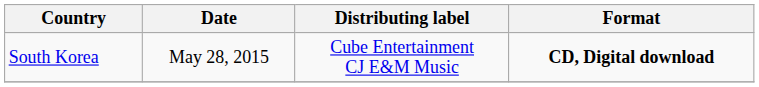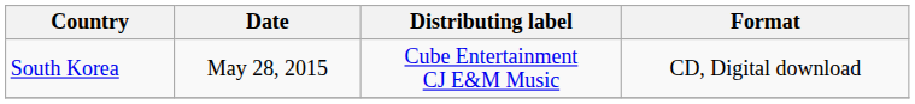 <table class="wikitable" style="width:670px;">
 <tr>
 <th>Country</th>
 <th>Date</th>
 <th>Distributing label</th>
 <th>Format</th>
 </tr>
 <tr>
 <td><a href='#'>South Korea</a></td>
 <td rowspan="1" style="text-align:center;">May 28, 2015</td>
 <td rowspan="1" style="text-align:center;"><a href='#'>Cube Entertainment</a><br> <a href='#'>CJ E&M Music</a></td>
-<td rowspan="1" style="text-align:center;"><strong>CD, Digital download</strong></td>
+<td rowspan="1" style="text-align:center;">CD, Digital download</td>
 </tr>
 <tr>
 </tr>
 </table>
